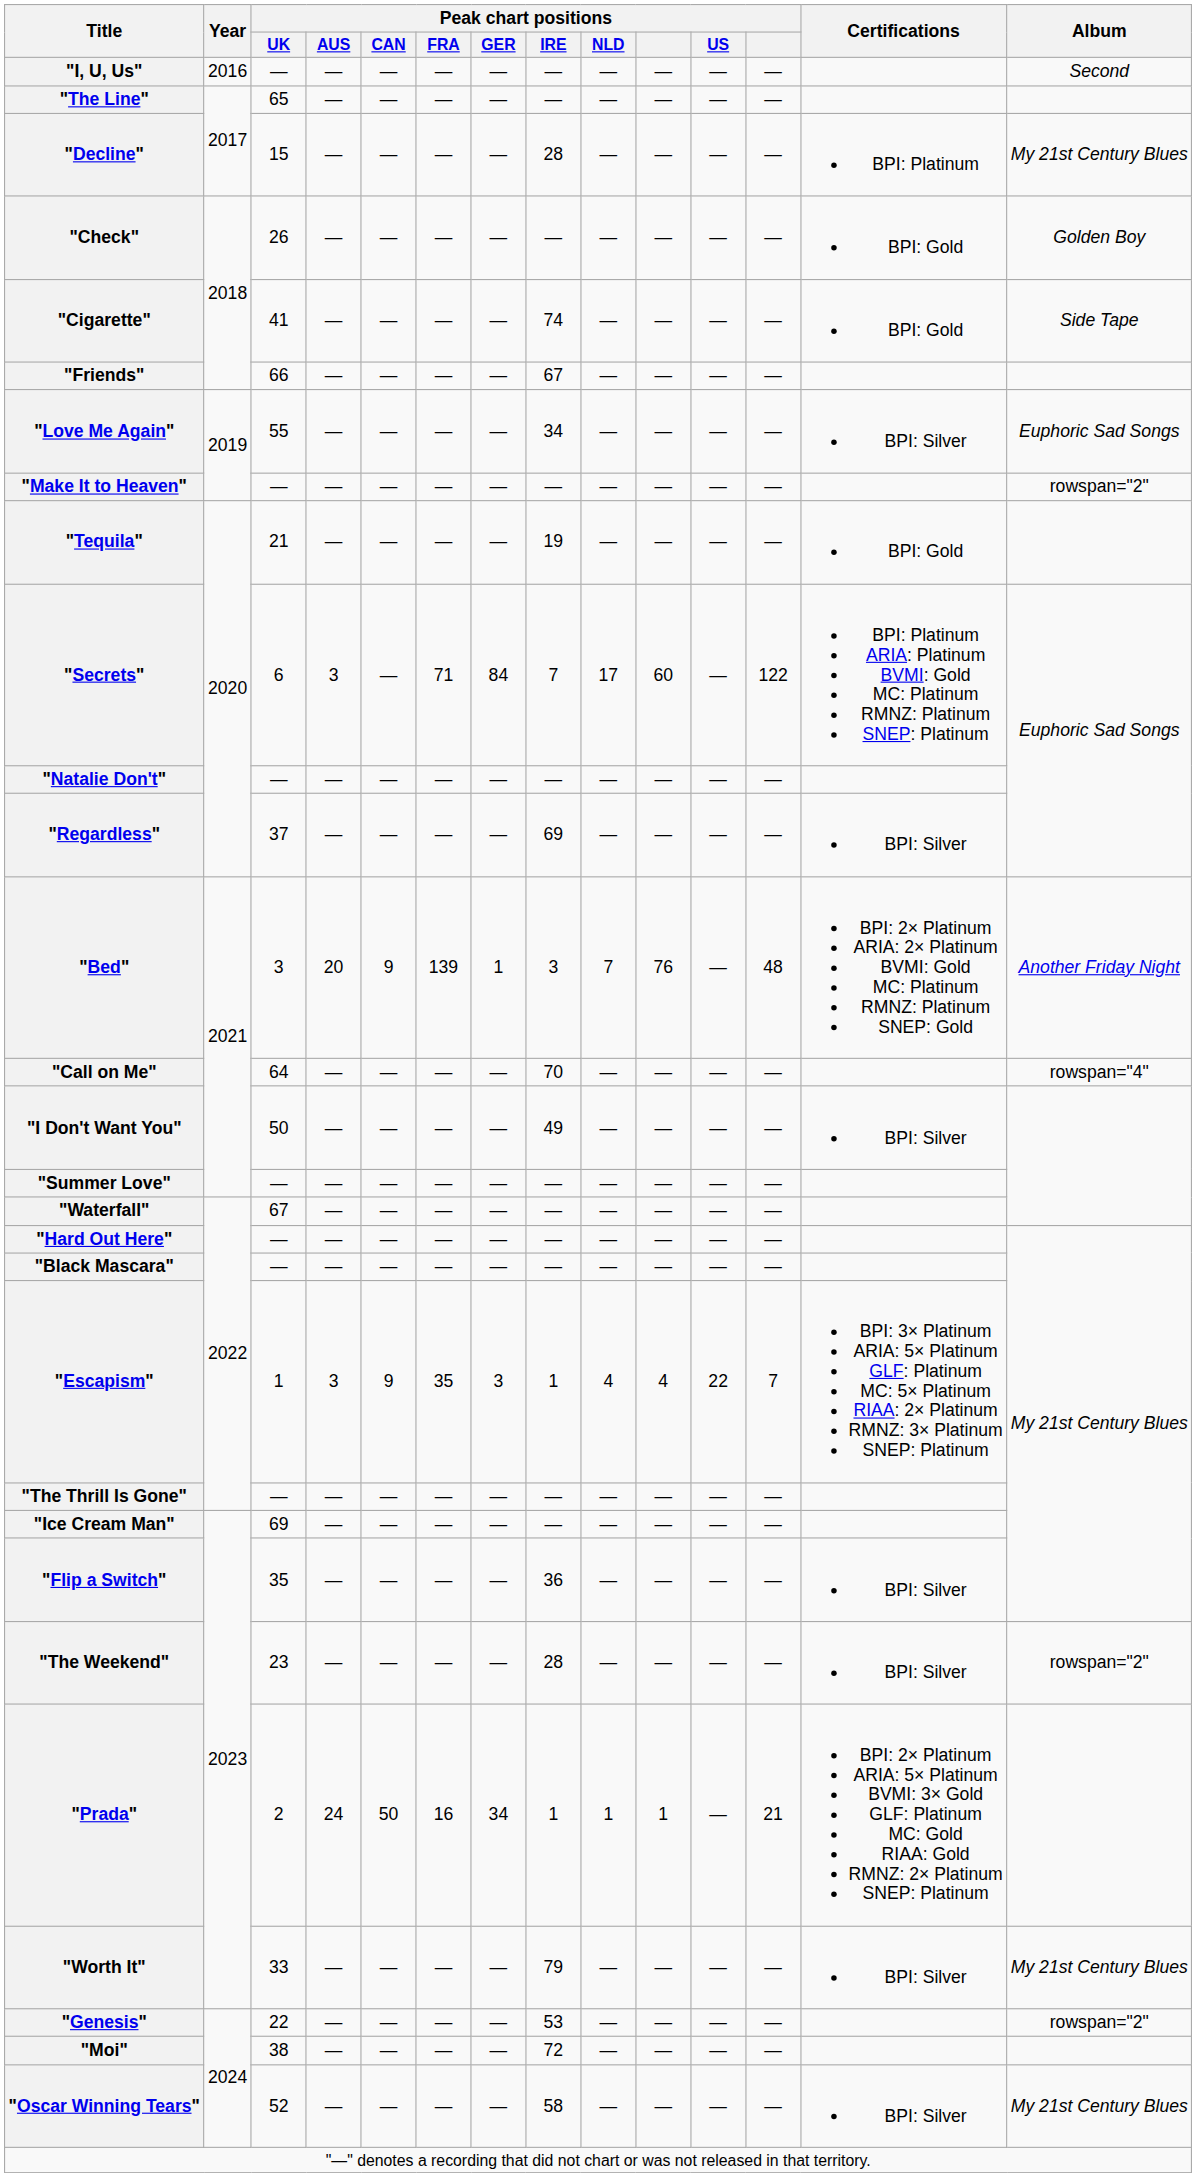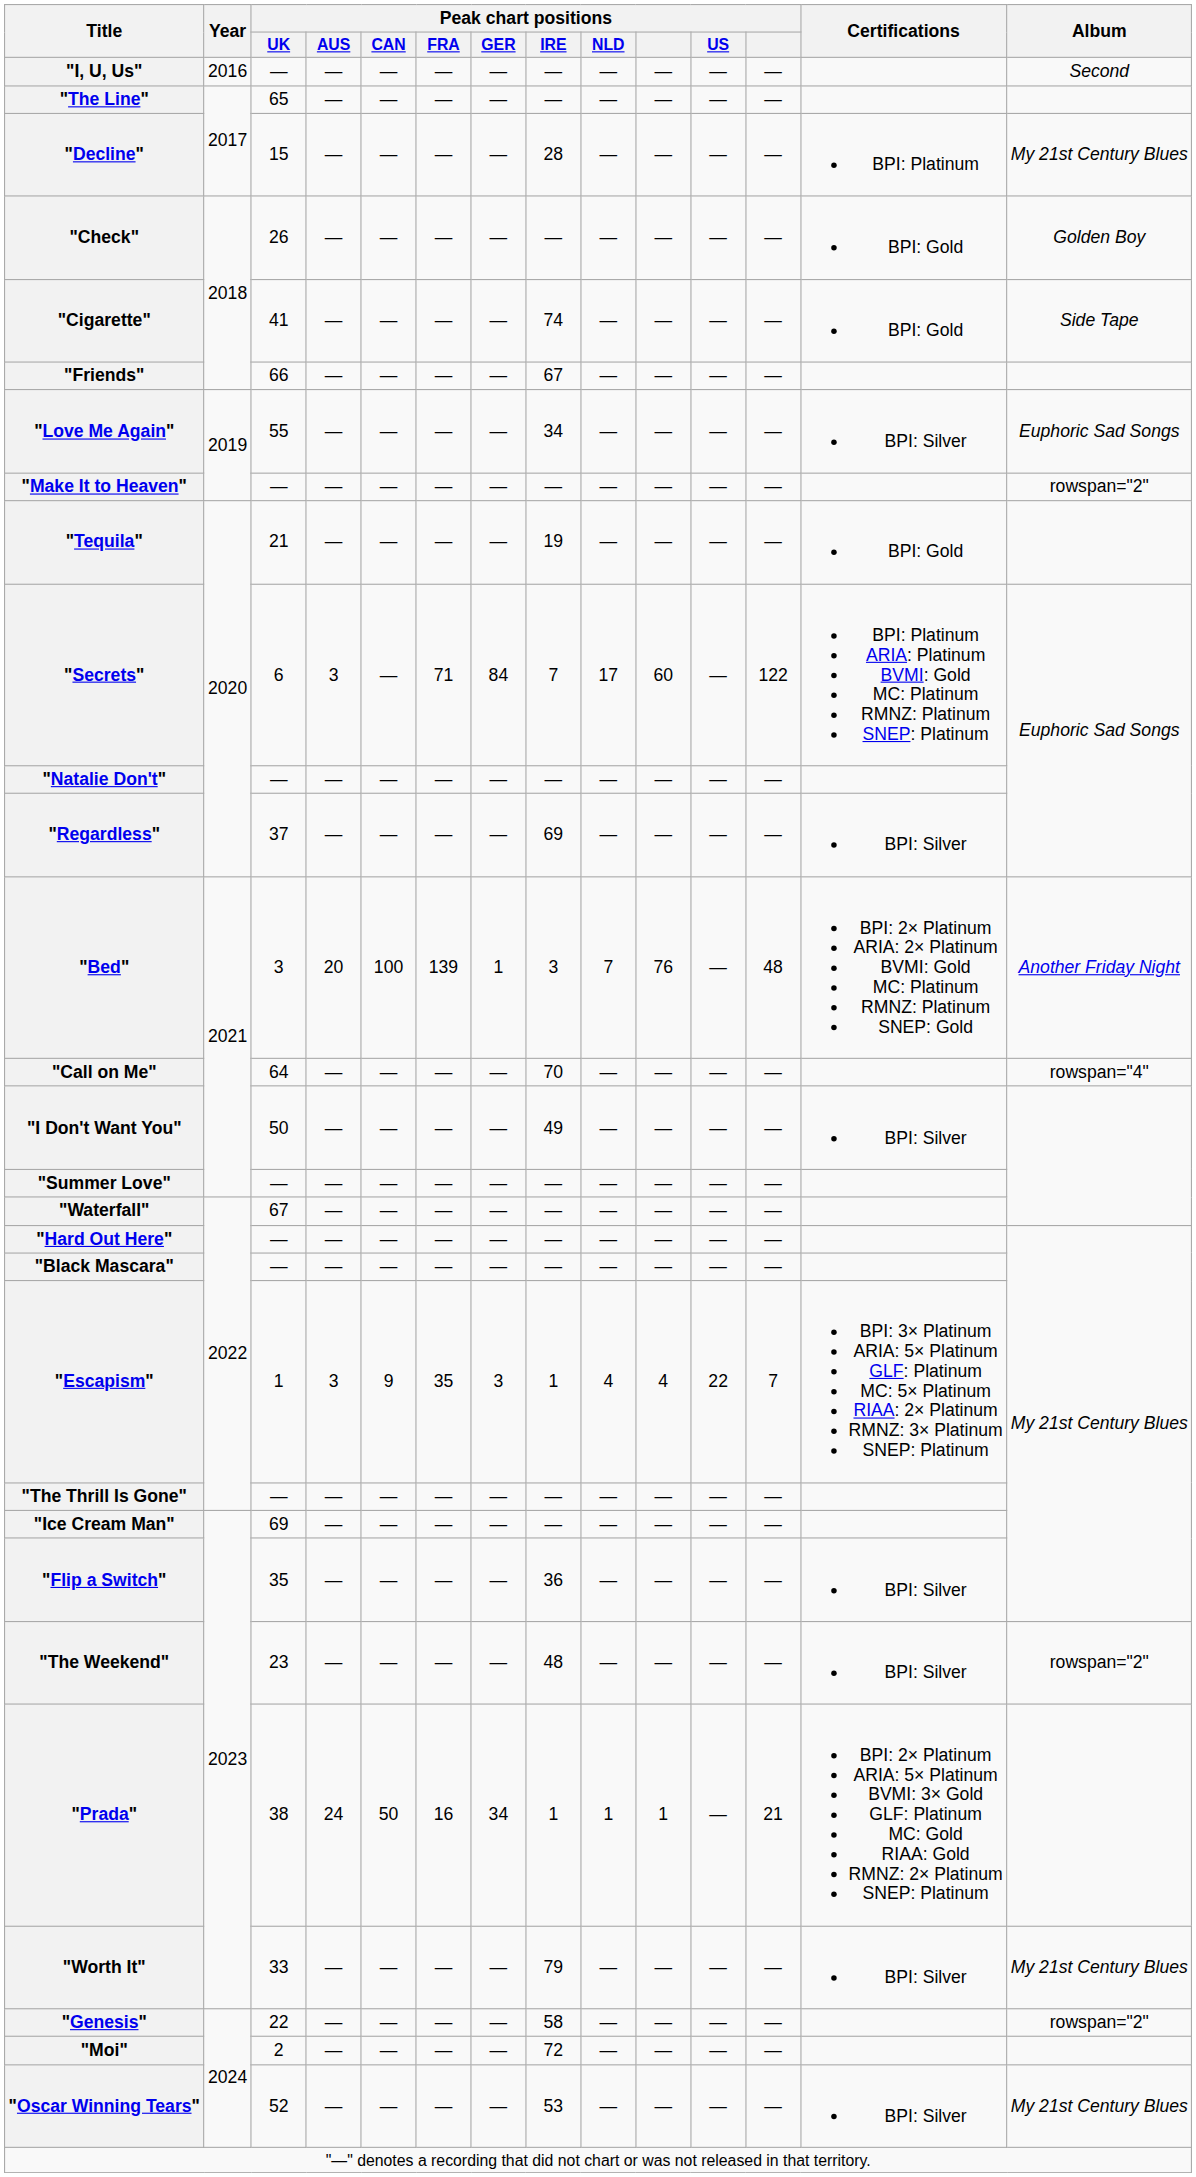 <table class="wikitable plainrowheaders" style="text-align:center;">
 <tr>
 <th scope="col" rowspan="2">Title</th>
 <th scope="col" rowspan="2">Year</th>
 <th scope="col" colspan="10">Peak chart positions</th>
 <th scope="col" rowspan="2">Certifications</th>
 <th scope="col" rowspan="2">Album</th>
 </tr>
 <tr>
 <th scope="col" style="width:3em;font-size:90%;"><a href='#'>UK</a><br></th>
 <th scope="col" style="width:3em;font-size:90%;"><a href='#'>AUS</a><br></th>
 <th scope="col" style="width:3em;font-size:90%;"><a href='#'>CAN</a><br></th>
 <th scope="col" style="width:3em;font-size:90%;"><a href='#'>FRA</a><br></th>
 <th scope="col" style="width:3em;font-size:90%;"><a href='#'>GER</a><br></th>
 <th scope="col" style="width:3em;font-size:90%;"><a href='#'>IRE</a><br></th>
 <th scope="col" style="width:3em;font-size:90%;"><a href='#'>NLD</a><br></th>
 <th scope="col" style="width:3em;font-size:90%;"><a href='#'></a><br></th>
 <th scope="col" style="width:3em;font-size:90%;"><a href='#'>US</a><br></th>
 <th scope="col" style="width:3em;font-size:90%;"><a href='#'></a><br></th>
 </tr>
 <tr>
 <th scope="row">"I, U, Us"</th>
 <td>2016</td>
 <td>—</td>
 <td>—</td>
 <td>—</td>
 <td>—</td>
 <td>—</td>
 <td>—</td>
 <td>—</td>
 <td>—</td>
 <td>—</td>
 <td>—</td>
 <td></td>
 <td><em>Second</em></td>
 </tr>
 <tr>
 <th scope="row">"<a href='#'>The Line</a>"</th>
 <td rowspan="2">2017</td>
 <td>65</td>
 <td>—</td>
 <td>—</td>
 <td>—</td>
 <td>—</td>
 <td>—</td>
 <td>—</td>
 <td>—</td>
 <td>—</td>
 <td>—</td>
 <td></td>
 <td></td>
 </tr>
 <tr>
 <th scope="row">"<a href='#'>Decline</a>"<br></th>
 <td>15</td>
 <td>—</td>
 <td>—</td>
 <td>—</td>
 <td>—</td>
 <td>28</td>
 <td>—</td>
 <td>—</td>
 <td>—</td>
 <td>—</td>
 <td><br><ul><li>BPI: Platinum</li></ul></td>
 <td><em>My 21st Century Blues</em></td>
 </tr>
 <tr>
 <th scope="row">"Check"<br></th>
 <td rowspan="3">2018</td>
 <td>26</td>
 <td>—</td>
 <td>—</td>
 <td>—</td>
 <td>—</td>
 <td>—</td>
 <td>—</td>
 <td>—</td>
 <td>—</td>
 <td>—</td>
 <td><br><ul><li>BPI: Gold</li></ul></td>
 <td><em>Golden Boy</em></td>
 </tr>
 <tr>
 <th scope="row">"Cigarette"<br></th>
 <td>41</td>
 <td>—</td>
 <td>—</td>
 <td>—</td>
 <td>—</td>
 <td>74</td>
 <td>—</td>
 <td>—</td>
 <td>—</td>
 <td>—</td>
 <td><br><ul><li>BPI: Gold</li></ul></td>
 <td><em>Side Tape</em></td>
 </tr>
 <tr>
 <th scope="row">"Friends"</th>
 <td>66</td>
 <td>—</td>
 <td>—</td>
 <td>—</td>
 <td>—</td>
 <td>67</td>
 <td>—</td>
 <td>—</td>
 <td>—</td>
 <td>—</td>
 <td></td>
 <td></td>
 </tr>
 <tr>
 <th scope="row">"<a href='#'>Love Me Again</a>"</th>
 <td rowspan="2">2019</td>
 <td>55</td>
 <td>—</td>
 <td>—</td>
 <td>—</td>
 <td>—</td>
 <td>34</td>
 <td>—</td>
 <td>—</td>
 <td>—</td>
 <td>—</td>
 <td><br><ul><li>BPI: Silver</li></ul></td>
 <td><em>Euphoric Sad Songs</em></td>
 </tr>
 <tr>
 <th scope="row">"<a href='#'>Make It to Heaven</a>"<br></th>
 <td>—</td>
 <td>—</td>
 <td>—</td>
 <td>—</td>
 <td>—</td>
 <td>—</td>
 <td>—</td>
 <td>—</td>
 <td>—</td>
 <td>—</td>
 <td></td>
 <td>rowspan="2" </td>
 </tr>
 <tr>
 <th scope="row">"<a href='#'>Tequila</a>"<br></th>
 <td rowspan="4">2020</td>
 <td>21</td>
 <td>—</td>
 <td>—</td>
 <td>—</td>
 <td>—</td>
 <td>19</td>
 <td>—</td>
 <td>—</td>
 <td>—</td>
 <td>—</td>
 <td><br><ul><li>BPI: Gold</li></ul></td>
 </tr>
 <tr>
 <th scope="row">"<a href='#'>Secrets</a>"<br></th>
 <td>6</td>
 <td>3</td>
 <td>—</td>
 <td>71</td>
 <td>84</td>
 <td>7</td>
 <td>17</td>
 <td>60</td>
 <td>—</td>
 <td>122</td>
 <td><br><ul><li>BPI: Platinum</li><li><a href='#'>ARIA</a>: Platinum</li><li><a href='#'>BVMI</a>: Gold</li><li>MC: Platinum</li><li>RMNZ: Platinum</li><li><a href='#'>SNEP</a>: Platinum</li></ul></td>
 <td rowspan="3"><em>Euphoric Sad Songs</em></td>
 </tr>
 <tr>
 <th scope="row">"<a href='#'>Natalie Don't</a>"</th>
 <td>—</td>
 <td>—</td>
 <td>—</td>
 <td>—</td>
 <td>—</td>
 <td>—</td>
 <td>—</td>
 <td>—</td>
 <td>—</td>
 <td>—</td>
 <td></td>
 </tr>
 <tr>
 <th scope="row">"<a href='#'>Regardless</a>"<br></th>
 <td>37</td>
 <td>—</td>
 <td>—</td>
 <td>—</td>
 <td>—</td>
 <td>69</td>
 <td>—</td>
 <td>—</td>
 <td>—</td>
 <td>—</td>
 <td><br><ul><li>BPI: Silver</li></ul></td>
 </tr>
 <tr>
 <th scope="row">"<a href='#'>Bed</a>"<br></th>
 <td rowspan="4">2021</td>
 <td>3</td>
 <td>20</td>
-<td>9</td>
+<td>100</td>
 <td>139</td>
 <td>1</td>
 <td>3</td>
 <td>7</td>
 <td>76</td>
 <td>—</td>
 <td>48</td>
 <td><br><ul><li>BPI: 2× Platinum</li><li>ARIA: 2× Platinum</li><li>BVMI: Gold</li><li>MC: Platinum</li><li>RMNZ: Platinum</li><li>SNEP: Gold</li></ul></td>
 <td><em><a href='#'>Another Friday Night</a></em></td>
 </tr>
 <tr>
 <th scope="row">"Call on Me"</th>
 <td>64</td>
 <td>—</td>
 <td>—</td>
 <td>—</td>
 <td>—</td>
 <td>70</td>
 <td>—</td>
 <td>—</td>
 <td>—</td>
 <td>—</td>
 <td></td>
 <td>rowspan="4" </td>
 </tr>
 <tr>
 <th scope="row">"I Don't Want You"<br></th>
 <td>50</td>
 <td>—</td>
 <td>—</td>
 <td>—</td>
 <td>—</td>
 <td>49</td>
 <td>—</td>
 <td>—</td>
 <td>—</td>
 <td>—</td>
 <td><br><ul><li>BPI: Silver</li></ul></td>
 </tr>
 <tr>
 <th scope="row">"Summer Love"<br></th>
 <td>—</td>
 <td>—</td>
 <td>—</td>
 <td>—</td>
 <td>—</td>
 <td>—</td>
 <td>—</td>
 <td>—</td>
 <td>—</td>
 <td>—</td>
 <td></td>
 </tr>
 <tr>
 <th scope="row">"Waterfall"<br></th>
 <td rowspan="5">2022</td>
 <td>67</td>
 <td>—</td>
 <td>—</td>
 <td>—</td>
 <td>—</td>
 <td>—</td>
 <td>—</td>
 <td>—</td>
 <td>—</td>
 <td>—</td>
 <td></td>
 </tr>
 <tr>
 <th scope="row">"<a href='#'>Hard Out Here</a>"</th>
 <td>—</td>
 <td>—</td>
 <td>—</td>
 <td>—</td>
 <td>—</td>
 <td>—</td>
 <td>—</td>
 <td>—</td>
 <td>—</td>
 <td>—</td>
 <td></td>
 <td rowspan="6"><em>My 21st Century Blues</em></td>
 </tr>
 <tr>
 <th scope="row">"Black Mascara"</th>
 <td>—</td>
 <td>—</td>
 <td>—</td>
 <td>—</td>
 <td>—</td>
 <td>—</td>
 <td>—</td>
 <td>—</td>
 <td>—</td>
 <td>—</td>
 <td></td>
 </tr>
 <tr>
 <th scope="row">"<a href='#'>Escapism</a>"<br></th>
 <td>1</td>
 <td>3</td>
 <td>9</td>
 <td>35</td>
 <td>3</td>
 <td>1</td>
 <td>4</td>
 <td>4</td>
 <td>22</td>
 <td>7</td>
 <td><br><ul><li>BPI: 3× Platinum</li><li>ARIA: 5× Platinum</li><li><a href='#'>GLF</a>: Platinum</li><li>MC: 5× Platinum</li><li><a href='#'>RIAA</a>: 2× Platinum</li><li>RMNZ: 3× Platinum</li><li>SNEP: Platinum</li></ul></td>
 </tr>
 <tr>
 <th scope="row">"The Thrill Is Gone"</th>
 <td>—</td>
 <td>—</td>
 <td>—</td>
 <td>—</td>
 <td>—</td>
 <td>—</td>
 <td>—</td>
 <td>—</td>
 <td>—</td>
 <td>—</td>
 <td></td>
 </tr>
 <tr>
 <th scope="row">"Ice Cream Man"</th>
 <td rowspan="5">2023</td>
 <td>69</td>
 <td>—</td>
 <td>—</td>
 <td>—</td>
 <td>—</td>
 <td>—</td>
 <td>—</td>
 <td>—</td>
 <td>—</td>
 <td>—</td>
 <td></td>
 </tr>
 <tr>
 <th scope="row">"<a href='#'>Flip a Switch</a>"<br></th>
 <td>35</td>
 <td>—</td>
 <td>—</td>
 <td>—</td>
 <td>—</td>
 <td>36</td>
 <td>—</td>
 <td>—</td>
 <td>—</td>
 <td>—</td>
 <td><br><ul><li>BPI: Silver</li></ul></td>
 </tr>
 <tr>
 <th scope="row">"The Weekend"<br></th>
 <td>23</td>
 <td>—</td>
 <td>—</td>
 <td>—</td>
 <td>—</td>
-<td>28</td>
+<td>48</td>
 <td>—</td>
 <td>—</td>
 <td>—</td>
 <td>—</td>
 <td><br><ul><li>BPI: Silver</li></ul></td>
 <td>rowspan="2" </td>
 </tr>
 <tr>
 <th scope="row">"<a href='#'>Prada</a>"<br></th>
-<td>2</td>
+<td>38</td>
 <td>24</td>
 <td>50</td>
 <td>16</td>
 <td>34</td>
 <td>1</td>
 <td>1</td>
 <td>1</td>
 <td>—</td>
 <td>21</td>
 <td><br><ul><li>BPI: 2× Platinum</li><li>ARIA: 5× Platinum</li><li>BVMI: 3× Gold</li><li>GLF: Platinum</li><li>MC: Gold</li><li>RIAA: Gold</li><li>RMNZ: 2× Platinum</li><li>SNEP: Platinum</li></ul></td>
 </tr>
 <tr>
 <th scope="row">"Worth It"</th>
 <td>33</td>
 <td>—</td>
 <td>—</td>
 <td>—</td>
 <td>—</td>
 <td>79</td>
 <td>—</td>
 <td>—</td>
 <td>—</td>
 <td>—</td>
 <td><br><ul><li>BPI: Silver</li></ul></td>
 <td><em>My 21st Century Blues</em></td>
 </tr>
 <tr>
 <th scope="row">"<a href='#'>Genesis</a>"</th>
 <td rowspan="3">2024</td>
 <td>22</td>
 <td>—</td>
 <td>—</td>
 <td>—</td>
 <td>—</td>
-<td>53</td>
+<td>58</td>
 <td>—</td>
 <td>—</td>
 <td>—</td>
 <td>—</td>
 <td></td>
 <td>rowspan="2" </td>
 </tr>
 <tr>
 <th scope="row">"Moi"<br></th>
-<td>38</td>
+<td>2</td>
 <td>—</td>
 <td>—</td>
 <td>—</td>
 <td>—</td>
 <td>72</td>
 <td>—</td>
 <td>—</td>
 <td>—</td>
 <td>—</td>
 <td></td>
 </tr>
 <tr>
 <th scope="row">"<a href='#'>Oscar Winning Tears</a>"</th>
 <td>52</td>
 <td>—</td>
 <td>—</td>
 <td>—</td>
 <td>—</td>
-<td>58</td>
+<td>53</td>
 <td>—</td>
 <td>—</td>
 <td>—</td>
 <td>—</td>
 <td><br><ul><li>BPI: Silver</li></ul></td>
 <td><em>My 21st Century Blues</em></td>
 </tr>
 <tr>
 <td colspan="14" style="font-size:90%">"—" denotes a recording that did not chart or was not released in that territory.</td>
 </tr>
 </table>
